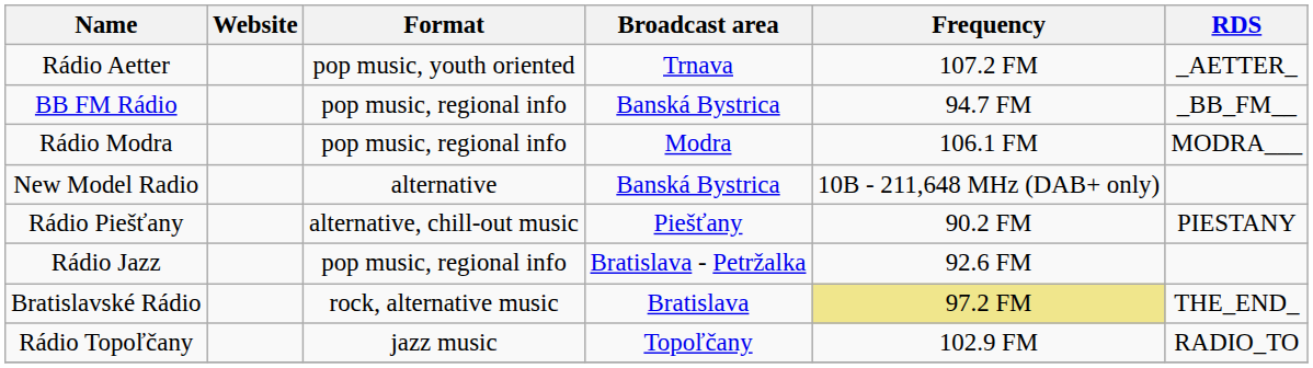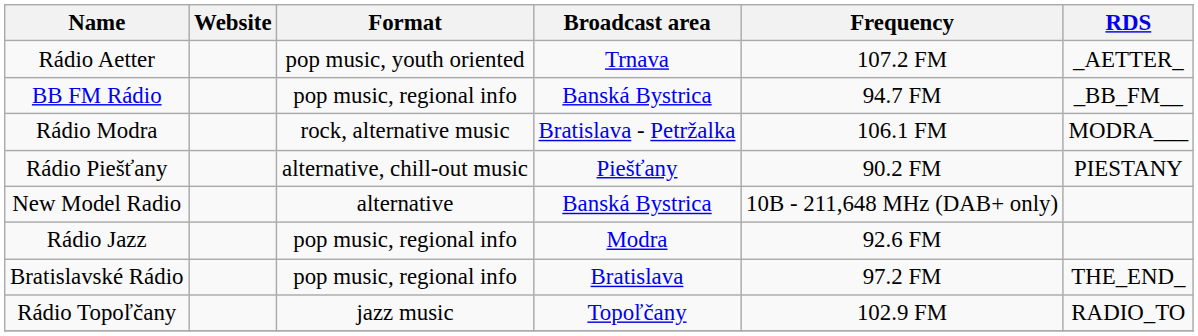 <table class="wikitable" style="text-align: center;">
 <tr>
 <th>Name</th>
 <th>Website</th>
 <th>Format</th>
 <th>Broadcast area</th>
 <th>Frequency</th>
 <th><a href='#'>RDS</a></th>
 </tr>
 <tr>
 <td>Rádio Aetter</td>
 <td></td>
 <td>pop music, youth oriented</td>
 <td><a href='#'>Trnava</a></td>
 <td>107.2 FM</td>
 <td>_AETTER_</td>
 </tr>
 <tr>
 <td><a href='#'>BB FM Rádio</a></td>
 <td></td>
 <td>pop music, regional info</td>
 <td><a href='#'>Banská Bystrica</a></td>
 <td>94.7 FM</td>
 <td>_BB_FM__</td>
 </tr>
 <tr>
 <td>Rádio Modra</td>
 <td></td>
-<td>pop music, regional info</td>
-<td><a href='#'>Modra</a></td>
+<td>rock, alternative music</td>
+<td><a href='#'>Bratislava</a> - <a href='#'>Petržalka</a></td>
 <td>106.1 FM</td>
 <td>MODRA___</td>
+</tr>
+<tr>
+<td>Rádio Piešťany</td>
+<td></td>
+<td>alternative, chill-out music</td>
+<td><a href='#'>Piešťany</a></td>
+<td>90.2 FM</td>
+<td>PIESTANY</td>
 </tr>
 <tr>
 <td>New Model Radio</td>
 <td></td>
 <td>alternative</td>
 <td><a href='#'>Banská Bystrica</a></td>
 <td>10B - 211,648 MHz (DAB+ only)</td>
 <td></td>
 </tr>
 <tr>
-<td>Rádio Piešťany</td>
-<td></td>
-<td>alternative, chill-out music</td>
-<td><a href='#'>Piešťany</a></td>
-<td>90.2 FM</td>
-<td>PIESTANY</td>
-</tr>
-<tr>
 <td>Rádio Jazz</td>
 <td></td>
 <td>pop music, regional info</td>
-<td><a href='#'>Bratislava</a> - <a href='#'>Petržalka</a></td>
+<td><a href='#'>Modra</a></td>
 <td>92.6 FM</td>
 <td></td>
 </tr>
 <tr>
 <td>Bratislavské Rádio</td>
 <td></td>
-<td>rock, alternative music</td>
+<td>pop music, regional info</td>
 <td><a href='#'>Bratislava</a></td>
-<td style="background: khaki;">97.2 FM</td>
+<td>97.2 FM</td>
 <td>THE_END_</td>
 </tr>
 <tr>
 <td>Rádio Topoľčany</td>
 <td></td>
 <td>jazz music</td>
 <td><a href='#'>Topoľčany</a></td>
 <td>102.9 FM</td>
 <td>RADIO_TO</td>
 </tr>
 <tr>
 </tr>
 </table>
